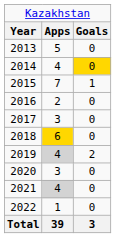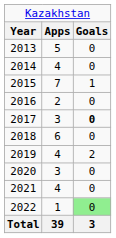 <table class="wikitable" style="text-align:center">
 <tr>
 <td colspan=3><a href='#'>Kazakhstan</a></td>
 </tr>
 <tr>
 <th>Year</th>
 <th>Apps</th>
 <th>Goals</th>
 </tr>
 <tr>
 <td>2013</td>
 <td>5</td>
 <td>0</td>
 </tr>
 <tr>
 <td>2014</td>
 <td>4</td>
-<td style="background: gold;">0</td>
+<td>0</td>
 </tr>
 <tr>
 <td>2015</td>
 <td>7</td>
 <td>1</td>
 </tr>
 <tr>
 <td>2016</td>
 <td>2</td>
 <td>0</td>
 </tr>
 <tr>
 <td>2017</td>
 <td>3</td>
-<td>0</td>
+<td><strong>0</strong></td>
 </tr>
 <tr>
 <td>2018</td>
-<td style="background: gold;">6</td>
+<td>6</td>
 <td>0</td>
 </tr>
 <tr>
 <td>2019</td>
-<td style="background: lightgrey;">4</td>
+<td>4</td>
 <td>2</td>
 </tr>
 <tr>
 <td>2020</td>
 <td>3</td>
 <td>0</td>
 </tr>
 <tr>
 <td>2021</td>
-<td style="background: lightgrey;">4</td>
+<td>4</td>
 <td>0</td>
 </tr>
 <tr>
 <td>2022</td>
 <td>1</td>
-<td>0</td>
+<td style="background: lightgreen;">0</td>
 </tr>
 <tr>
 <th>Total</th>
 <th>39</th>
 <th>3</th>
 </tr>
 </table>
